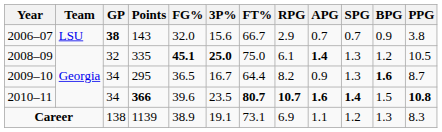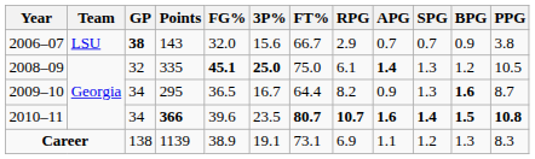 <table class="wikitable sortable">
 <tr>
 <th>Year</th>
 <th>Team</th>
 <th>GP</th>
 <th>Points</th>
 <th>FG%</th>
 <th>3P%</th>
 <th>FT%</th>
 <th>RPG</th>
 <th>APG</th>
 <th>SPG</th>
 <th>BPG</th>
 <th>PPG</th>
 </tr>
 <tr>
 <td>2006–07</td>
 <td><a href='#'>LSU</a></td>
 <td><strong>38</strong></td>
 <td>143</td>
 <td>32.0</td>
 <td>15.6</td>
 <td>66.7</td>
 <td>2.9</td>
 <td>0.7</td>
 <td>0.7</td>
 <td>0.9</td>
 <td>3.8</td>
 </tr>
 <tr>
 <td>2008–09</td>
 <td rowspan=3><a href='#'>Georgia</a></td>
 <td>32</td>
 <td>335</td>
 <td><strong>45.1</strong></td>
 <td><strong>25.0</strong></td>
 <td>75.0</td>
 <td>6.1</td>
 <td><strong>1.4</strong></td>
 <td>1.3</td>
 <td>1.2</td>
 <td>10.5</td>
 </tr>
 <tr>
 <td>2009–10</td>
 <td>34</td>
 <td>295</td>
 <td>36.5</td>
 <td>16.7</td>
 <td>64.4</td>
 <td>8.2</td>
 <td>0.9</td>
 <td>1.3</td>
 <td><strong>1.6</strong></td>
 <td>8.7</td>
 </tr>
 <tr>
 <td>2010–11</td>
 <td>34</td>
 <td><strong>366</strong></td>
 <td>39.6</td>
 <td>23.5</td>
 <td><strong>80.7</strong></td>
 <td><strong>10.7</strong></td>
 <td><strong>1.6</strong></td>
 <td><strong>1.4</strong></td>
-<td>1.5</td>
+<td><strong>1.5</strong></td>
 <td><strong>10.8</strong></td>
 </tr>
 <tr class="sortbottom">
 <td colspan=2 align=center><strong>Career</strong></td>
 <td>138</td>
 <td>1139</td>
 <td>38.9</td>
 <td>19.1</td>
 <td>73.1</td>
 <td>6.9</td>
 <td>1.1</td>
 <td>1.2</td>
 <td>1.3</td>
 <td>8.3</td>
 </tr>
 </table>
